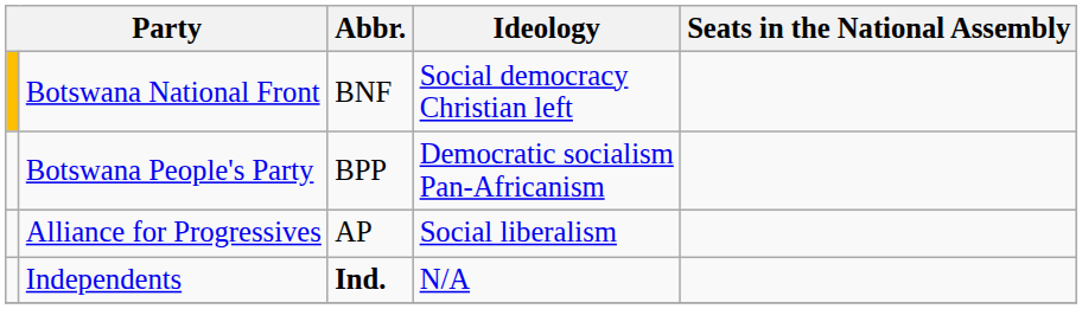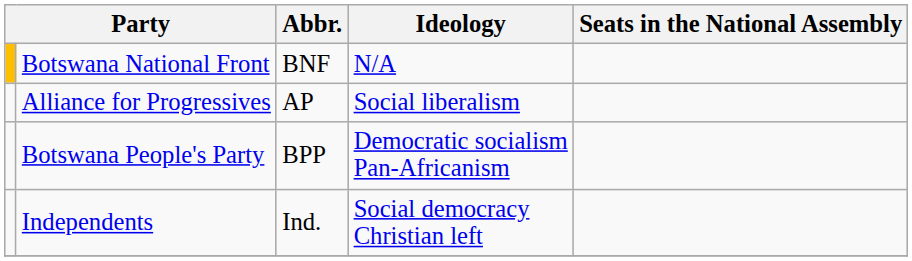 <table class="wikitable">
 <tr>
 <th colspan="2">Party</th>
 <th>Abbr.</th>
 <th>Ideology</th>
 <th>Seats in the National Assembly</th>
 </tr>
 <tr>
 <td bgcolor="#FFBF00"></td>
 <td><a href='#'>Botswana National Front</a></td>
 <td>BNF</td>
-<td><a href='#'>Social democracy</a><br><a href='#'>Christian left</a></td>
+<td><a href='#'>N/A</a></td>
+<td></td>
+</tr>
+<tr>
+<td></td>
+<td><a href='#'>Alliance for Progressives</a></td>
+<td>AP</td>
+<td><a href='#'>Social liberalism</a></td>
 <td></td>
 </tr>
 <tr>
 <td></td>
 <td><a href='#'>Botswana People's Party</a></td>
 <td>BPP</td>
 <td><a href='#'>Democratic socialism</a><br><a href='#'>Pan-Africanism</a></td>
 <td></td>
 </tr>
 <tr>
 <td></td>
-<td><a href='#'>Alliance for Progressives</a></td>
-<td>AP</td>
-<td><a href='#'>Social liberalism</a></td>
-<td></td>
-</tr>
-<tr>
-<td></td>
 <td><a href='#'>Independents</a></td>
-<td><strong>Ind.</strong></td>
-<td><a href='#'>N/A</a></td>
+<td>Ind.</td>
+<td><a href='#'>Social democracy</a><br><a href='#'>Christian left</a></td>
 <td></td>
 </tr>
 <tr>
 </tr>
 </table>
